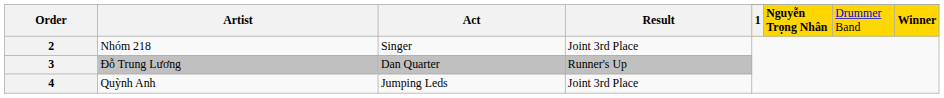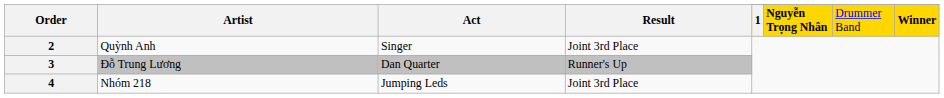 <table class="wikitable sortable" style="width:100%;">
 <tr>
 <th align=center rowspan=2 width=10%>Order</th>
 <th rowspan=2 width=30%>Artist</th>
 <th rowspan=2 width=20%>Act</th>
 <th rowspan=2 width=20%>Result</th>
 </tr>
 <tr bgcolor=gold>
 <th>1</th>
 <td><strong>Nguyễn Trọng Nhân</strong></td>
 <td><a href='#'>Drummer</a> Band</td>
 <td><strong>Winner</strong></td>
 </tr>
 <tr>
 <th>2</th>
-<td>Nhóm 218</td>
+<td>Quỳnh Anh</td>
 <td>Singer</td>
 <td>Joint 3rd Place</td>
 </tr>
 <tr bgcolor=silver>
 <th>3</th>
 <td>Đỗ Trung Lương</td>
 <td>Dan Quarter</td>
 <td>Runner's Up</td>
 </tr>
 <tr>
 <th>4</th>
-<td>Quỳnh Anh</td>
+<td>Nhóm 218</td>
 <td>Jumping Leds</td>
 <td>Joint 3rd Place</td>
 </tr>
 </table>
